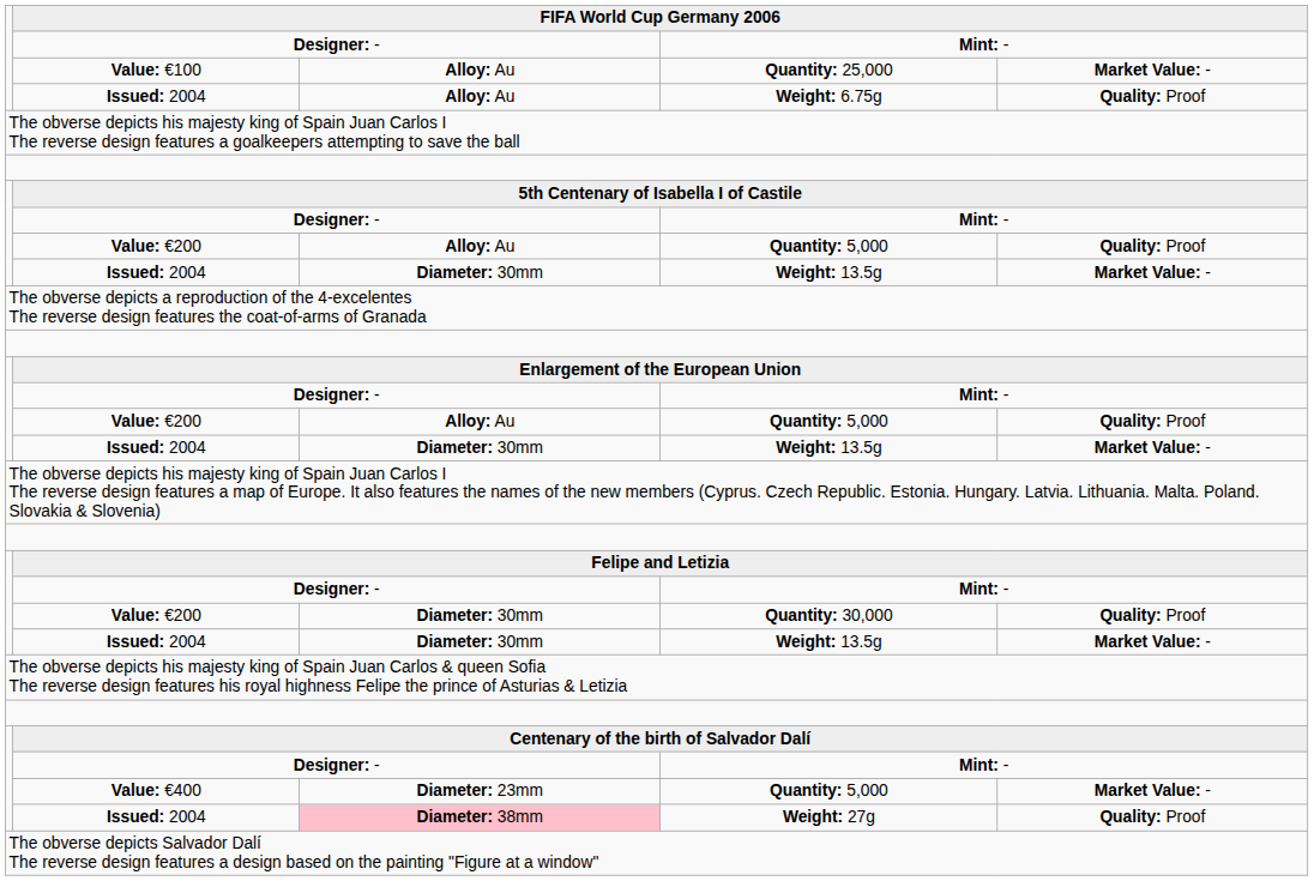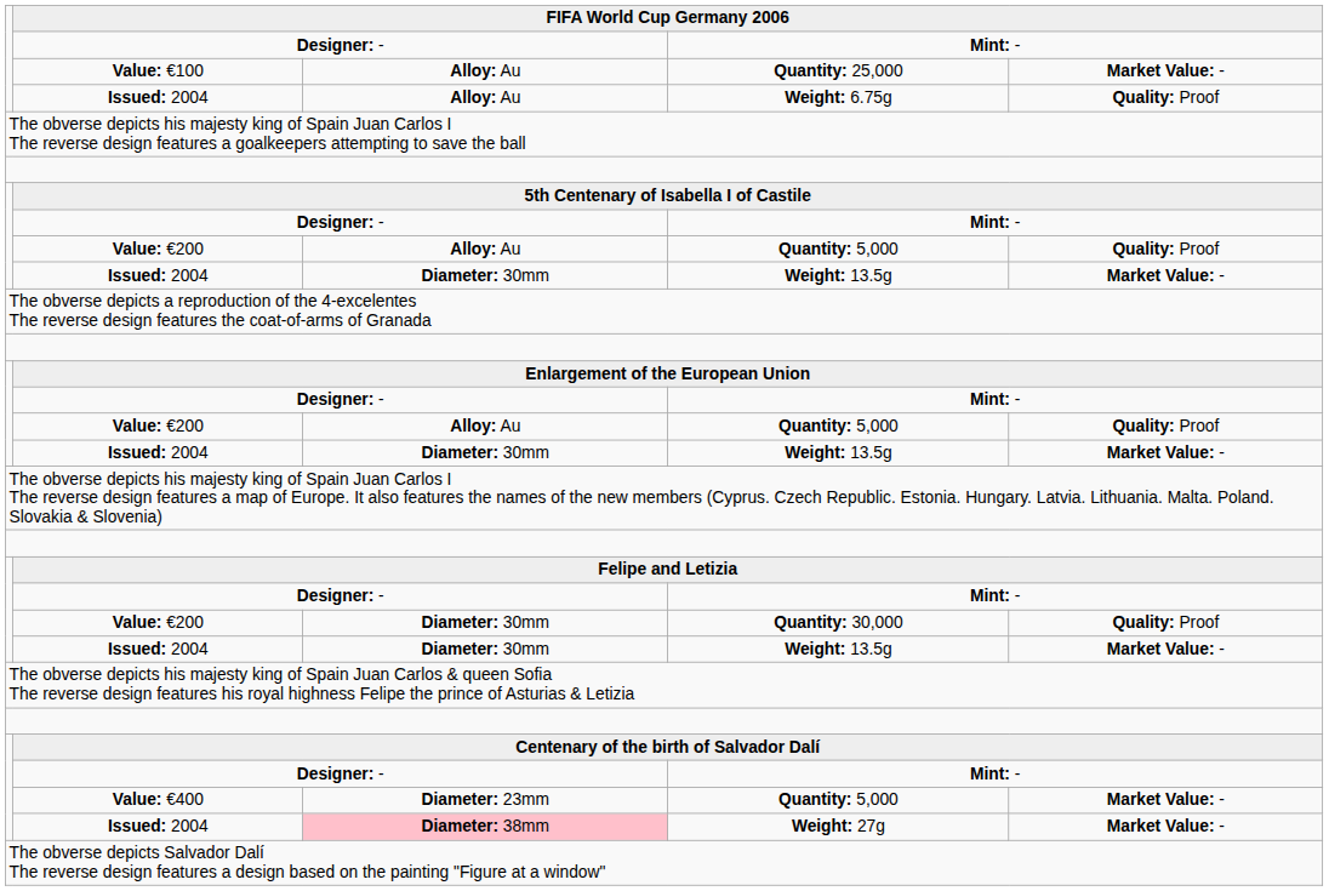 <table class="wikitable" style="width:100%;">
 <tr>
 <td rowspan="4"  style="white-space:nowrap; width:330px; text-align:center;"></td>
 <th colspan="4"  style="text-align:center; background:#eee;">FIFA World Cup Germany 2006</th>
 </tr>
 <tr style="text-align:center;">
 <td colspan="2"  style="width:50%; "><strong>Designer:</strong> -</td>
 <td colspan="2"  style="width:50%; "><strong>Mint:</strong> -</td>
 </tr>
 <tr>
 <td align=center><strong>Value:</strong> €100</td>
 <td align=center><strong>Alloy:</strong> Au</td>
 <td align=center><strong>Quantity:</strong> 25,000</td>
 <td align=center><strong>Market Value:</strong> -</td>
 </tr>
 <tr>
 <td align=center><strong>Issued:</strong> 2004</td>
 <td align=center><strong>Alloy:</strong> Au</td>
 <td align=center><strong>Weight:</strong> 6.75g</td>
 <td align=center><strong>Quality:</strong> Proof</td>
 </tr>
 <tr>
 <td colspan="5" style="text-align:left;">The obverse depicts his majesty king of Spain Juan Carlos I<br>The reverse design features a goalkeepers attempting to save the ball</td>
 </tr>
 <tr>
 <td colspan="5" style="text-align:left;"> </td>
 </tr>
 <tr>
 <td rowspan="4"  style="white-space:nowrap; width:330px; text-align:center;"></td>
 <th colspan="4"  style="text-align:center; background:#eee;">5th Centenary of Isabella I of Castile</th>
 </tr>
 <tr style="text-align:center;">
 <td colspan="2"  style="width:50%; "><strong>Designer:</strong> -</td>
 <td colspan="2"  style="width:50%; "><strong>Mint:</strong> -</td>
 </tr>
 <tr>
 <td align=center><strong>Value:</strong> €200</td>
 <td align=center><strong>Alloy:</strong> Au</td>
 <td align=center><strong>Quantity:</strong> 5,000</td>
 <td align=center><strong>Quality:</strong> Proof</td>
 </tr>
 <tr>
 <td align=center><strong>Issued:</strong> 2004</td>
 <td align=center><strong>Diameter:</strong> 30mm</td>
 <td align=center><strong>Weight:</strong> 13.5g</td>
 <td align=center><strong>Market Value:</strong> -</td>
 </tr>
 <tr>
 <td colspan="5" style="text-align:left;">The obverse depicts a reproduction of the 4-excelentes<br>The reverse design features the coat-of-arms of Granada</td>
 </tr>
 <tr>
 <td colspan="5" style="text-align:left;"> </td>
 </tr>
 <tr>
 <td rowspan="4"  style="white-space:nowrap; width:330px; text-align:center;"></td>
 <th colspan="4"  style="text-align:center; background:#eee;">Enlargement of the European Union</th>
 </tr>
 <tr style="text-align:center;">
 <td colspan="2"  style="width:50%; "><strong>Designer:</strong> -</td>
 <td colspan="2"  style="width:50%; "><strong>Mint:</strong> -</td>
 </tr>
 <tr>
 <td align=center><strong>Value:</strong> €200</td>
 <td align=center><strong>Alloy:</strong> Au</td>
 <td align=center><strong>Quantity:</strong> 5,000</td>
 <td align=center><strong>Quality:</strong> Proof</td>
 </tr>
 <tr>
 <td align=center><strong>Issued:</strong> 2004</td>
 <td align=center><strong>Diameter:</strong> 30mm</td>
 <td align=center><strong>Weight:</strong> 13.5g</td>
 <td align=center><strong>Market Value:</strong> -</td>
 </tr>
 <tr>
 <td colspan="5" style="text-align:left;">The obverse depicts his majesty king of Spain Juan Carlos I<br>The reverse design features a map of Europe. It also features the names of the new members (Cyprus. Czech Republic. Estonia. Hungary. Latvia. Lithuania. Malta. Poland. Slovakia & Slovenia)</td>
 </tr>
 <tr>
 <td colspan="5" style="text-align:left;"> </td>
 </tr>
 <tr>
 <td rowspan="4"  style="white-space:nowrap; width:330px; text-align:center;"></td>
 <th colspan="4"  style="text-align:center; background:#eee;">Felipe and Letizia</th>
 </tr>
 <tr style="text-align:center;">
 <td colspan="2"  style="width:50%; "><strong>Designer:</strong> -</td>
 <td colspan="2"  style="width:50%; "><strong>Mint:</strong> -</td>
 </tr>
 <tr>
 <td align=center><strong>Value:</strong> €200</td>
 <td align=center><strong>Diameter:</strong> 30mm</td>
 <td align=center><strong>Quantity:</strong> 30,000</td>
 <td align=center><strong>Quality:</strong> Proof</td>
 </tr>
 <tr>
 <td align=center><strong>Issued:</strong> 2004</td>
 <td align=center><strong>Diameter:</strong> 30mm</td>
 <td align=center><strong>Weight:</strong> 13.5g</td>
 <td align=center><strong>Market Value:</strong> -</td>
 </tr>
 <tr>
 <td colspan="5" style="text-align:left;">The obverse depicts his majesty king of Spain Juan Carlos & queen Sofia<br>The reverse design features his royal highness Felipe the prince of Asturias & Letizia</td>
 </tr>
 <tr>
 <td colspan="5" style="text-align:left;"> </td>
 </tr>
 <tr>
 <td rowspan="4"  style="white-space:nowrap; width:330px; text-align:center;"></td>
 <th colspan="4"  style="text-align:center; background:#eee;">Centenary of the birth of Salvador Dalí</th>
 </tr>
 <tr style="text-align:center;">
 <td colspan="2"  style="width:50%; "><strong>Designer:</strong> -</td>
 <td colspan="2"  style="width:50%; "><strong>Mint:</strong> -</td>
 </tr>
 <tr>
 <td align=center><strong>Value:</strong> €400</td>
 <td align=center><strong>Diameter:</strong> 23mm</td>
 <td align=center><strong>Quantity:</strong> 5,000</td>
 <td align=center><strong>Market Value:</strong> -</td>
 </tr>
 <tr>
 <td align=center><strong>Issued:</strong> 2004</td>
 <td align=center style="background: pink;"><strong>Diameter:</strong> 38mm</td>
 <td align=center><strong>Weight:</strong> 27g</td>
-<td align=center><strong>Quality:</strong> Proof</td>
+<td align=center><strong>Market Value:</strong> -</td>
 </tr>
 <tr>
 <td colspan="5" style="text-align:left;">The obverse depicts Salvador Dalí<br>The reverse design features a design based on the painting "Figure at a window"</td>
 </tr>
 </table>
